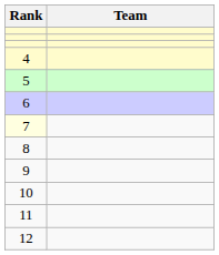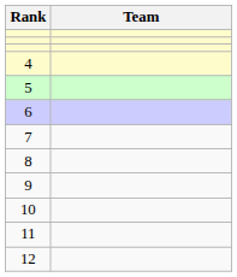 <table class="wikitable" style="text-align: center;">
 <tr>
 <th width=40>Rank</th>
 <th width=180>Team</th>
 </tr>
 <tr bgcolor=fffccc>
 <td></td>
 <td align=left></td>
 </tr>
 <tr bgcolor=fffccc>
 <td></td>
 <td align=left></td>
 </tr>
 <tr bgcolor=fffccc>
 <td></td>
 <td align=left></td>
 </tr>
 <tr bgcolor=fffccc>
 <td>4</td>
 <td align=left></td>
 </tr>
 <tr bgcolor=ccffcc>
 <td>5</td>
 <td align=left></td>
 </tr>
 <tr bgcolor=ccccff>
 <td>6</td>
 <td align=left></td>
 </tr>
 <tr>
-<td style="background: lightyellow;">7</td>
+<td>7</td>
 <td align=left></td>
 </tr>
 <tr>
 <td>8</td>
 <td align=left></td>
 </tr>
 <tr>
 <td>9</td>
 <td align=left></td>
 </tr>
 <tr>
 <td>10</td>
 <td align=left></td>
 </tr>
 <tr>
 <td>11</td>
 <td align=left></td>
 </tr>
 <tr>
 <td>12</td>
 <td align=left></td>
 </tr>
 </table>
